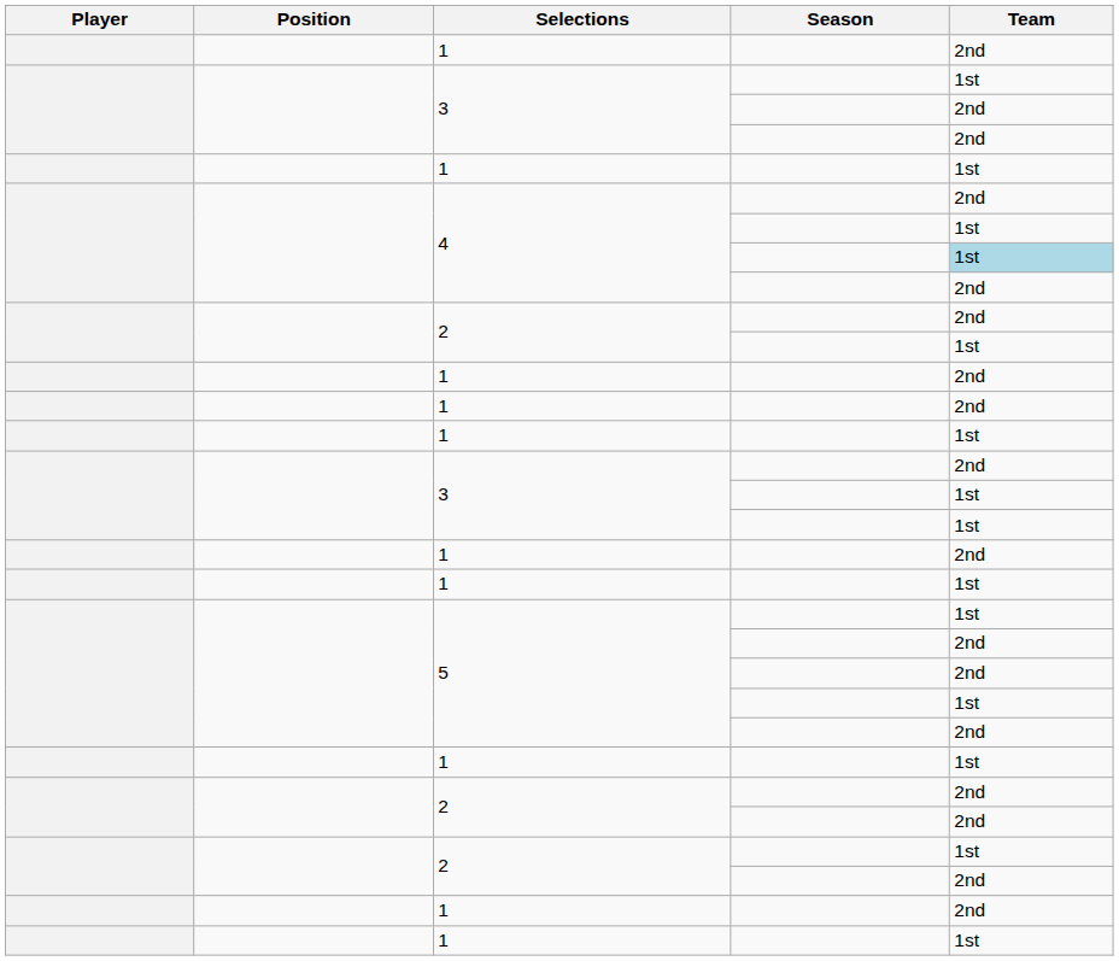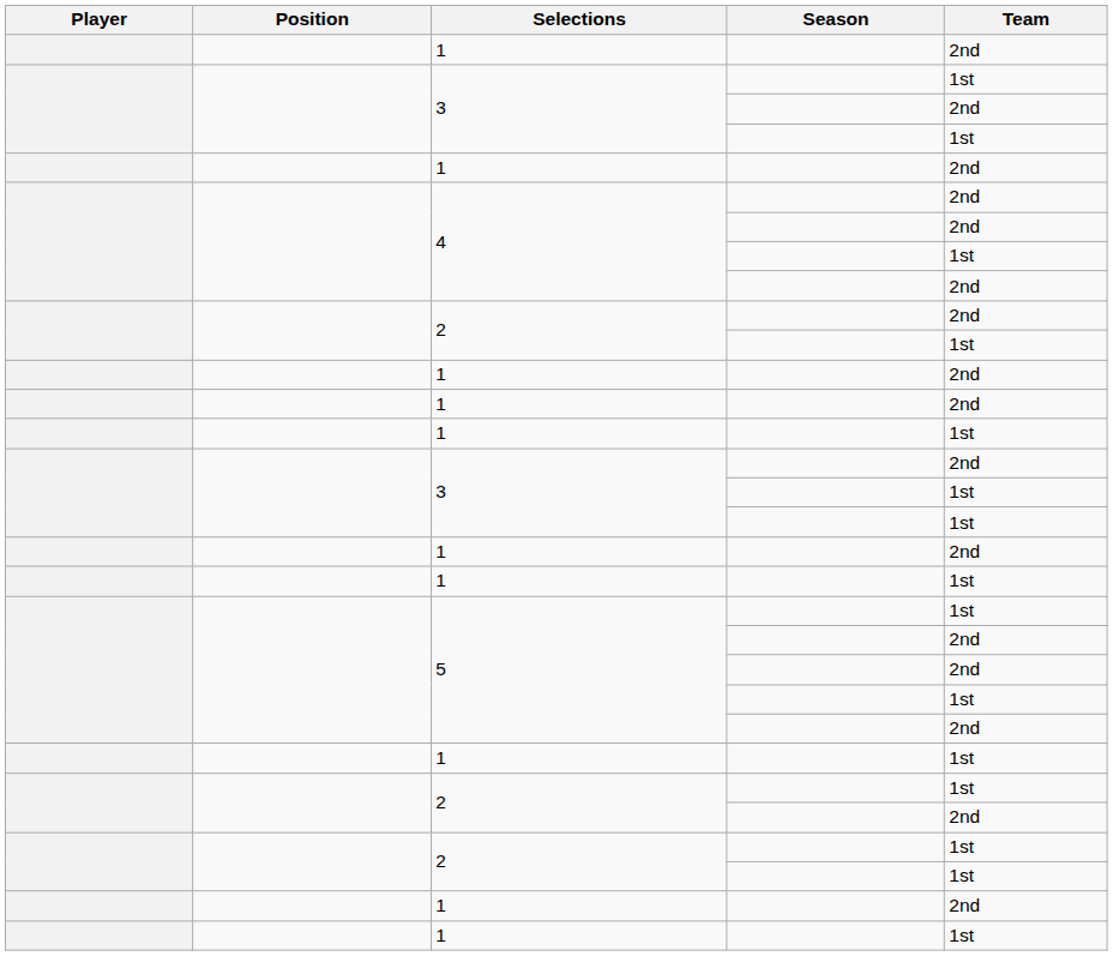 <table class="wikitable sortable" width="75%">
 <tr>
 <th scope="col">Player</th>
 <th scope="col">Position</th>
 <th scope="col">Selections</th>
 <th scope="col">Season</th>
 <th scope="col">Team</th>
 </tr>
 <tr>
 <th scope="row"></th>
 <td></td>
 <td>1</td>
 <td></td>
 <td>2nd</td>
 </tr>
 <tr>
 <th scope="row" rowspan="3"></th>
 <td rowspan="3"></td>
 <td rowspan="3">3</td>
 <td></td>
 <td>1st</td>
 </tr>
 <tr>
 <td></td>
 <td>2nd</td>
 </tr>
 <tr>
 <td></td>
-<td>2nd</td>
+<td>1st</td>
 </tr>
 <tr>
 <th scope="row"></th>
 <td></td>
 <td>1</td>
 <td></td>
-<td>1st</td>
+<td>2nd</td>
 </tr>
 <tr>
 <th scope="row" rowspan="4"></th>
 <td rowspan="4"></td>
 <td rowspan="4">4</td>
 <td></td>
 <td>2nd</td>
 </tr>
 <tr>
 <td></td>
-<td>1st</td>
+<td>2nd</td>
 </tr>
 <tr>
 <td></td>
-<td style="background: lightblue;">1st</td>
+<td>1st</td>
 </tr>
 <tr>
 <td></td>
 <td>2nd</td>
 </tr>
 <tr>
 <th scope="row" rowspan="2"></th>
 <td rowspan="2"></td>
 <td rowspan="2">2</td>
 <td></td>
 <td>2nd</td>
 </tr>
 <tr>
 <td></td>
 <td>1st</td>
 </tr>
 <tr>
 <th scope="row"></th>
 <td></td>
 <td>1</td>
 <td></td>
 <td>2nd</td>
 </tr>
 <tr>
 <th scope="row"></th>
 <td></td>
 <td>1</td>
 <td></td>
 <td>2nd</td>
 </tr>
 <tr>
 <th scope="row"></th>
 <td></td>
 <td>1</td>
 <td></td>
 <td>1st</td>
 </tr>
 <tr>
 <th scope="row" rowspan="3"></th>
 <td rowspan="3"></td>
 <td rowspan="3">3</td>
 <td></td>
 <td>2nd</td>
 </tr>
 <tr>
 <td></td>
 <td>1st</td>
 </tr>
 <tr>
 <td></td>
 <td>1st</td>
 </tr>
 <tr>
 <th scope="row"></th>
 <td></td>
 <td>1</td>
 <td></td>
 <td>2nd</td>
 </tr>
 <tr>
 <th scope="row"></th>
 <td></td>
 <td>1</td>
 <td></td>
 <td>1st</td>
 </tr>
 <tr>
 <th scope="row" rowspan="5"></th>
 <td rowspan="5"></td>
 <td rowspan="5">5</td>
 <td></td>
 <td>1st</td>
 </tr>
 <tr>
 <td></td>
 <td>2nd</td>
 </tr>
 <tr>
 <td></td>
 <td>2nd</td>
 </tr>
 <tr>
 <td></td>
 <td>1st</td>
 </tr>
 <tr>
 <td></td>
 <td>2nd</td>
 </tr>
 <tr>
 <th scope="row"></th>
 <td></td>
 <td>1</td>
 <td></td>
 <td>1st</td>
 </tr>
 <tr>
 <th scope="row" rowspan="2"></th>
 <td rowspan="2"></td>
 <td rowspan="2">2</td>
 <td></td>
-<td>2nd</td>
+<td>1st</td>
 </tr>
 <tr>
 <td></td>
 <td>2nd</td>
 </tr>
 <tr>
 <th scope="row" rowspan="2"></th>
 <td rowspan="2"></td>
 <td rowspan="2">2</td>
 <td></td>
 <td>1st</td>
 </tr>
 <tr>
 <td></td>
-<td>2nd</td>
+<td>1st</td>
 </tr>
 <tr>
 <th scope="row"></th>
 <td></td>
 <td>1</td>
 <td></td>
 <td>2nd</td>
 </tr>
 <tr>
 <th scope="row"></th>
 <td></td>
 <td>1</td>
 <td></td>
 <td>1st</td>
 </tr>
 </table>
